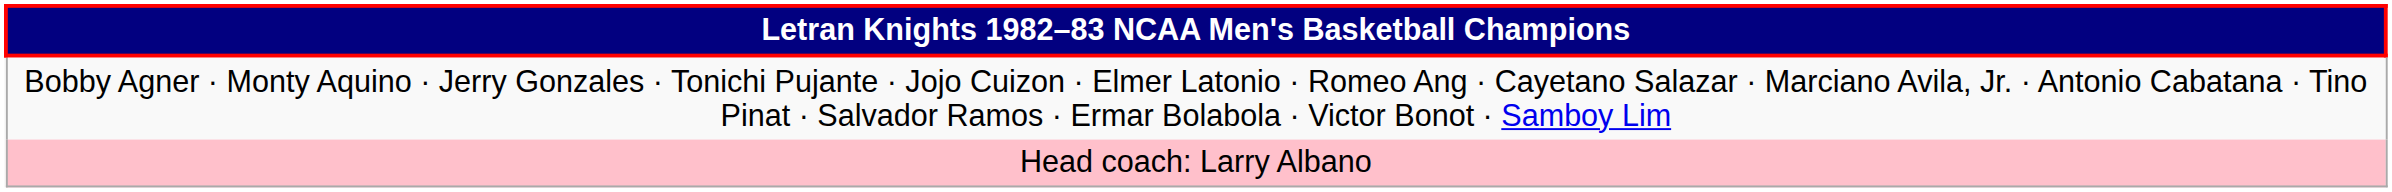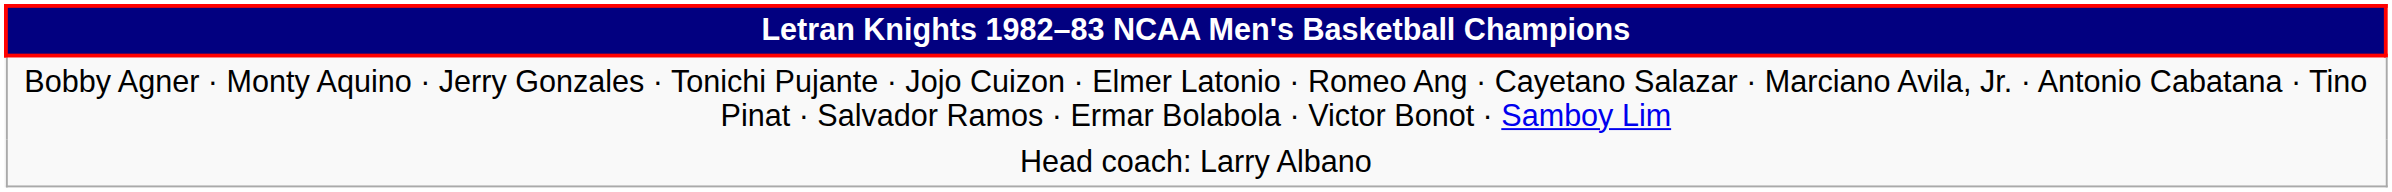 <table class="wikitable" style="text-align: center">
 <tr>
 <th style = "background:#020080; border:2px solid red; color:white">Letran Knights 1982–83 NCAA Men's Basketball Champions</th>
 </tr>
 <tr>
 <td style="border-style: none none none none;">Bobby Agner · Monty Aquino · Jerry Gonzales · Tonichi Pujante · Jojo Cuizon · Elmer Latonio · Romeo Ang · Cayetano Salazar · Marciano Avila, Jr. · Antonio Cabatana · Tino Pinat · Salvador Ramos · Ermar Bolabola · Victor Bonot · <a href='#'>Samboy Lim</a></td>
 </tr>
 <tr>
-<td style="background: pink; border-style: none none none none;">Head coach: Larry Albano</td>
+<td style="border-style: none none none none;">Head coach: Larry Albano</td>
 </tr>
 </table>
